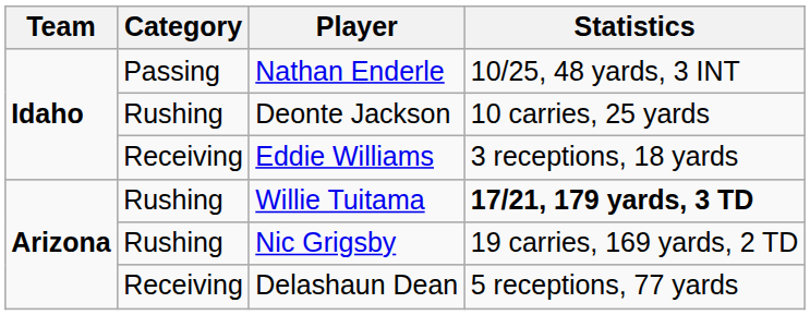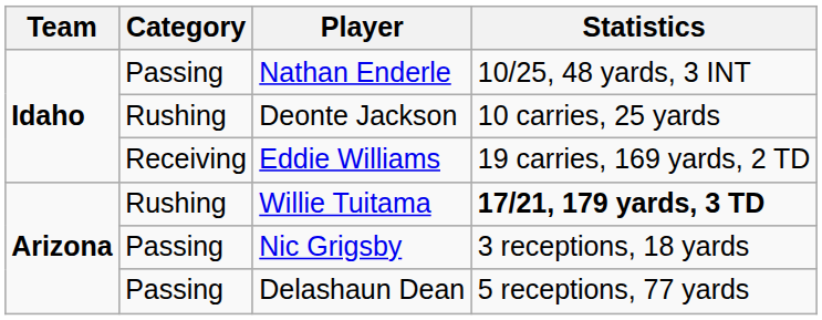 <table class="wikitable" style="float: right;">
 <tr>
 <th>Team</th>
 <th>Category</th>
 <th>Player</th>
 <th>Statistics</th>
 </tr>
 <tr>
 <td rowspan=3><strong>Idaho</strong></td>
 <td>Passing</td>
 <td><a href='#'>Nathan Enderle</a></td>
 <td>10/25, 48 yards, 3 INT</td>
 </tr>
 <tr>
 <td>Rushing</td>
 <td>Deonte Jackson</td>
 <td>10 carries, 25 yards</td>
 </tr>
 <tr>
 <td>Receiving</td>
 <td><a href='#'>Eddie Williams</a></td>
-<td>3 receptions, 18 yards</td>
+<td>19 carries, 169 yards, 2 TD</td>
 </tr>
 <tr>
 <td rowspan=3><strong>Arizona</strong></td>
 <td>Rushing</td>
 <td><a href='#'>Willie Tuitama</a></td>
 <td><strong>17/21, 179 yards, 3 TD</strong></td>
 </tr>
 <tr>
-<td>Rushing</td>
+<td>Passing</td>
 <td><a href='#'>Nic Grigsby</a></td>
-<td>19 carries, 169 yards, 2 TD</td>
+<td>3 receptions, 18 yards</td>
 </tr>
 <tr>
-<td>Receiving</td>
+<td>Passing</td>
 <td>Delashaun Dean</td>
 <td>5 receptions, 77 yards</td>
 </tr>
 </table>
